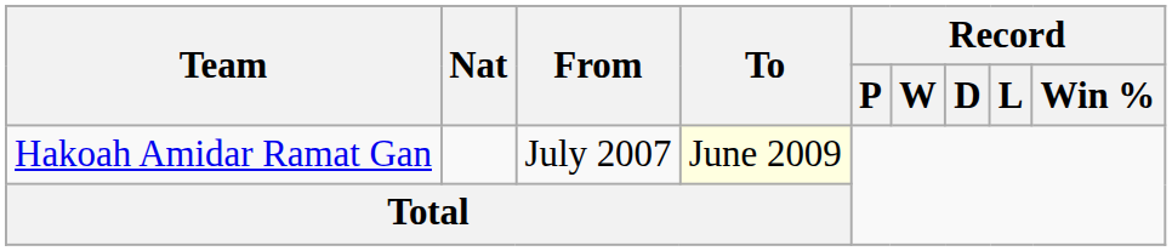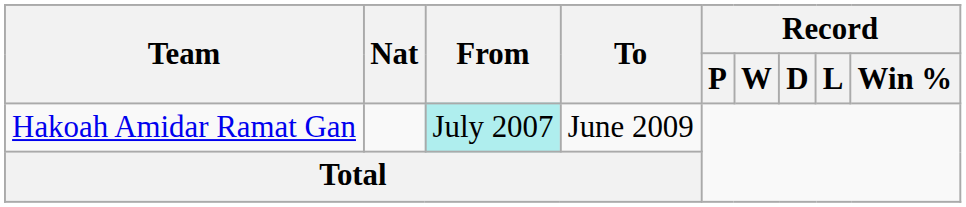 <table class="wikitable" style="text-align: center">
 <tr>
 <th rowspan=2>Team</th>
 <th rowspan=2>Nat</th>
 <th rowspan=2>From</th>
 <th rowspan=2>To</th>
 <th colspan=7>Record</th>
 </tr>
 <tr>
 <th>P</th>
 <th>W</th>
 <th>D</th>
 <th>L</th>
 <th>Win %</th>
 </tr>
 <tr>
 <td align=left><a href='#'>Hakoah Amidar Ramat Gan</a></td>
 <td></td>
-<td align=left>July 2007</td>
-<td align=left style="background: lightyellow;">June 2009<br></td>
+<td align=left style="background: paleturquoise;">July 2007</td>
+<td align=left>June 2009<br></td>
 </tr>
 <tr>
 <th colspan=4>Total<br></th>
 </tr>
 </table>
